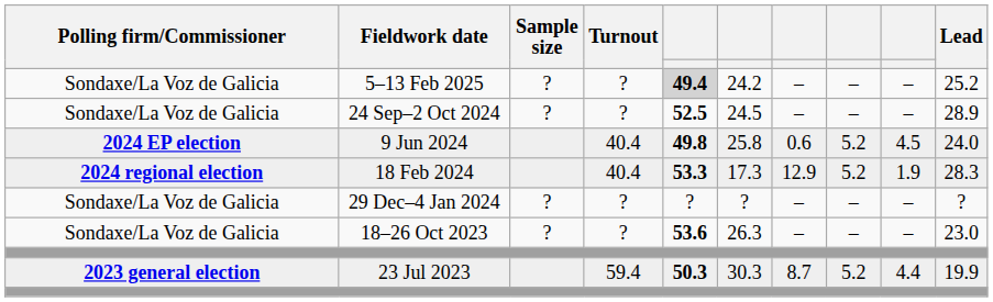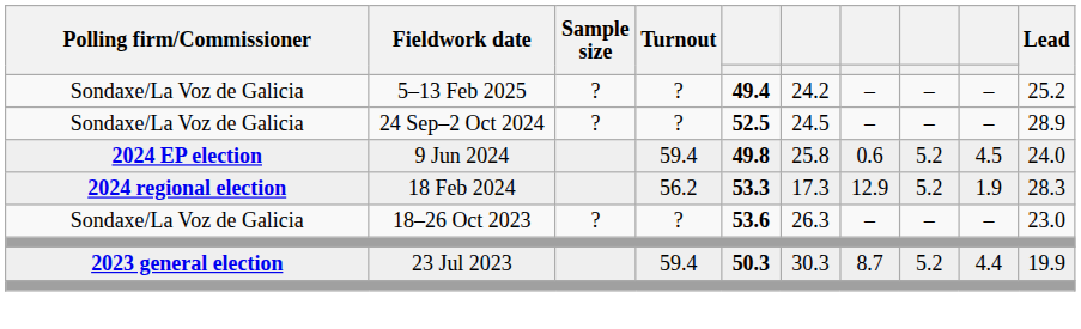 <table class="wikitable collapsible collapsed" style="text-align:center; font-size:95%; line-height:16px;">
 <tr style="height:42px;">
 <th style="width:250px;" rowspan="2">Polling firm/Commissioner</th>
 <th style="width:125px;" rowspan="2">Fieldwork date</th>
 <th style="width:50px;" rowspan="2">Sample size</th>
 <th style="width:45px;" rowspan="2">Turnout</th>
 <th style="width:35px;"></th>
 <th style="width:35px;"></th>
 <th style="width:35px;"></th>
 <th style="width:35px;"></th>
 <th style="width:35px;"></th>
 <th style="width:30px;" rowspan="2">Lead</th>
 </tr>
 <tr>
 <th style="color:inherit;background:"></th>
 <th style="color:inherit;background:"></th>
 <th style="color:inherit;background:"></th>
 <th style="color:inherit;background:"></th>
 <th style="color:inherit;background:"></th>
 </tr>
 <tr>
 <td>Sondaxe/La Voz de Galicia</td>
 <td>5–13 Feb 2025</td>
 <td>?</td>
 <td>?</td>
-<td style="background: lightgrey;"><strong>49.4</strong><br></td>
+<td><strong>49.4</strong><br></td>
 <td>24.2<br></td>
 <td>–</td>
 <td>–</td>
 <td>–</td>
 <td style="background:">25.2</td>
 </tr>
 <tr>
 <td>Sondaxe/La Voz de Galicia</td>
 <td>24 Sep–2 Oct 2024</td>
 <td>?</td>
 <td>?</td>
 <td><strong>52.5</strong><br></td>
 <td>24.5<br></td>
 <td>–</td>
 <td>–</td>
 <td>–</td>
 <td style="background:">28.9</td>
 </tr>
 <tr style="background:#EFEFEF;">
 <td><strong><a href='#'>2024 EP election</a></strong></td>
 <td>9 Jun 2024</td>
 <td></td>
-<td>40.4</td>
+<td>59.4</td>
 <td><strong>49.8</strong><br></td>
 <td>25.8<br></td>
 <td>0.6<br></td>
 <td>5.2<br></td>
 <td>4.5<br></td>
 <td style="background:">24.0</td>
 </tr>
 <tr style="background:#EFEFEF;">
 <td><strong><a href='#'>2024 regional election</a></strong></td>
 <td>18 Feb 2024</td>
 <td></td>
-<td>40.4</td>
+<td>56.2</td>
 <td><strong>53.3</strong><br></td>
 <td>17.3<br></td>
 <td>12.9<br></td>
 <td>5.2<br></td>
 <td>1.9<br></td>
 <td style="background:">28.3</td>
-</tr>
-<tr>
-<td>Sondaxe/La Voz de Galicia</td>
-<td>29 Dec–4 Jan 2024</td>
-<td>?</td>
-<td>?</td>
-<td>?<br></td>
-<td>?<br></td>
-<td>–</td>
-<td>–</td>
-<td>–</td>
-<td style="background:">?</td>
 </tr>
 <tr>
 <td>Sondaxe/La Voz de Galicia</td>
 <td>18–26 Oct 2023</td>
 <td>?</td>
 <td>?</td>
 <td><strong>53.6</strong><br></td>
 <td>26.3<br></td>
 <td>–</td>
 <td>–</td>
 <td>–</td>
 <td style="background:">23.0</td>
 </tr>
 <tr>
 <td colspan="10" style="background:#A0A0A0"></td>
 </tr>
 <tr style="background:#EFEFEF;">
 <td><strong><a href='#'>2023 general election</a></strong></td>
 <td>23 Jul 2023</td>
 <td></td>
 <td>59.4</td>
 <td><strong>50.3</strong><br></td>
 <td>30.3<br></td>
 <td>8.7<br></td>
 <td>5.2<br></td>
 <td>4.4<br></td>
 <td style="background:">19.9</td>
 </tr>
 <tr>
 <td colspan="10" style="background:#A0A0A0"></td>
 </tr>
 </table>
